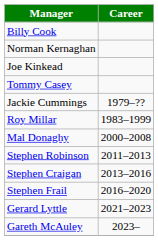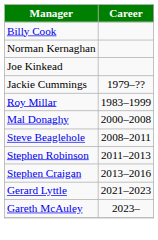 <table class="wikitable" style="text-align:center">
 <tr>
 <th style="background-color:#008000; color:white; ">Manager</th>
 <th style="background-color:#008000; color:white; ">Career</th>
 </tr>
 <tr>
 <td style="text-align: left;"> <a href='#'>Billy Cook</a></td>
 <td></td>
 </tr>
 <tr>
 <td style="text-align: left;"> Norman Kernaghan</td>
 <td></td>
 </tr>
 <tr>
 <td style="text-align: left;"> Joe Kinkead</td>
 <td></td>
 </tr>
 <tr>
-<td style="text-align: left;"> <a href='#'>Tommy Casey</a></td>
-<td></td>
-</tr>
-<tr>
 <td style="text-align: left;"> Jackie Cummings</td>
 <td>1979–??</td>
 </tr>
 <tr>
 <td style="text-align: left;"> <a href='#'>Roy Millar</a></td>
 <td>1983–1999</td>
 </tr>
 <tr>
 <td style="text-align: left;"> <a href='#'>Mal Donaghy</a></td>
 <td>2000–2008</td>
 </tr>
 <tr>
+<td style="text-align: left;"> <a href='#'>Steve Beaglehole</a></td>
+<td>2008–2011</td>
+</tr>
+<tr>
 <td style="text-align: left;"> <a href='#'>Stephen Robinson</a></td>
 <td>2011–2013</td>
 </tr>
 <tr>
 <td style="text-align: left;"> <a href='#'>Stephen Craigan</a></td>
 <td>2013–2016</td>
-</tr>
-<tr>
-<td style="text-align: left;"> <a href='#'>Stephen Frail</a></td>
-<td>2016–2020</td>
 </tr>
 <tr>
 <td style="text-align: left;"> <a href='#'>Gerard Lyttle</a></td>
 <td>2021–2023</td>
 </tr>
 <tr>
 <td style="text-align: left;"> <a href='#'>Gareth McAuley</a></td>
 <td>2023–</td>
 </tr>
 <tr>
 </tr>
 </table>
